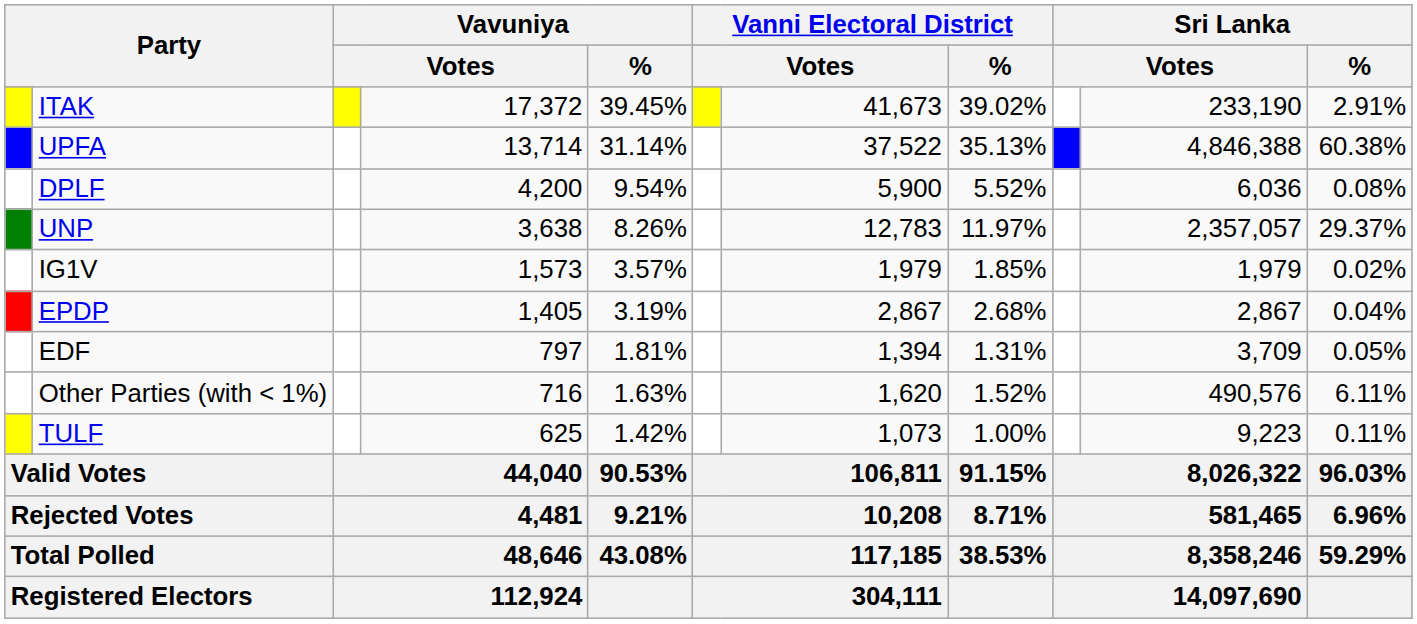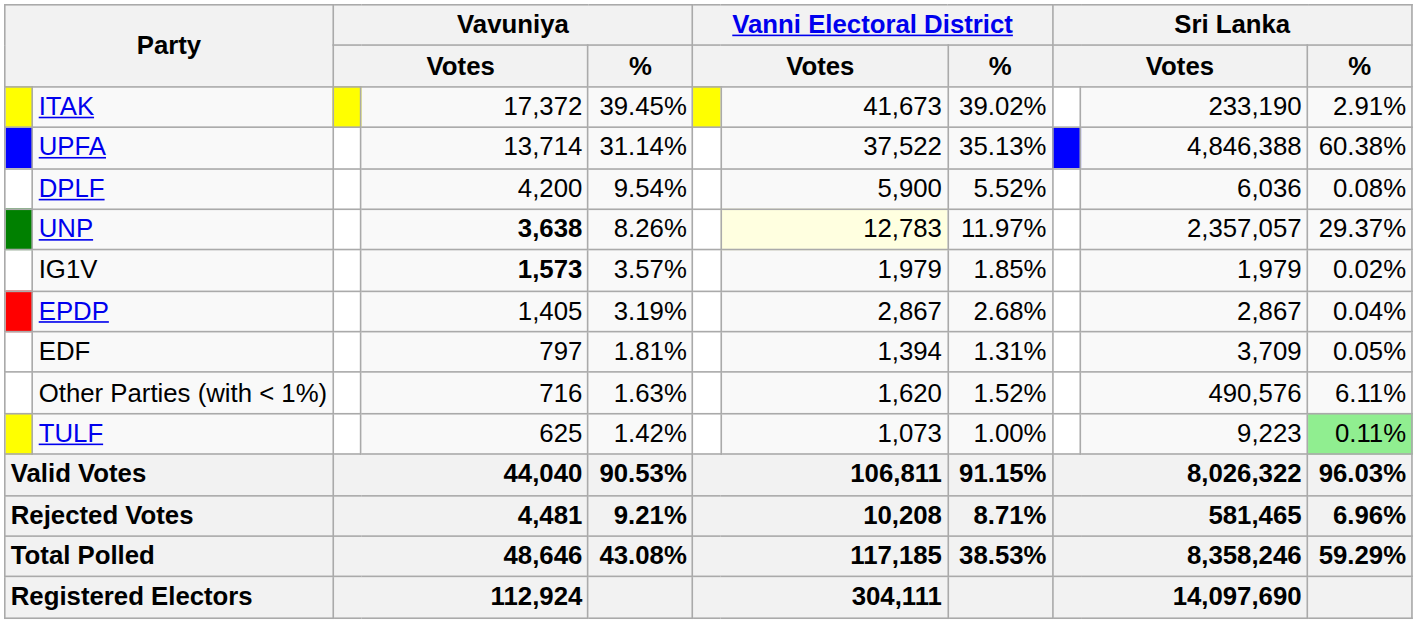 <table class="wikitable">
 <tr>
 <th colspan="2" width="144px"rowspan="2">Party</th>
 <th colspan="3" width="216px">Vavuniya</th>
 <th colspan="3" width="216px"><a href='#'>Vanni Electoral District</a></th>
 <th colspan="3" width="216px">Sri Lanka</th>
 </tr>
 <tr>
 <th colspan="2" width="144px">Votes</th>
 <th>%</th>
 <th colspan="2" width="144px">Votes</th>
 <th>%</th>
 <th colspan="2" width="144px">Votes</th>
 <th>%</th>
 </tr>
 <tr>
 <td style="background-color:yellow;" width="10px"></td>
 <td style="text-align:left;"><a href='#'>ITAK</a></td>
 <td style="background-color:yellow;" width="10px"></td>
 <td style="text-align:right;">17,372</td>
 <td style="text-align:right;">39.45%</td>
 <td style="background-color:yellow;" width="10px"></td>
 <td style="text-align:right;">41,673</td>
 <td style="text-align:right;">39.02%</td>
 <td style="background-color:white;" width="10px"></td>
 <td style="text-align:right;">233,190</td>
 <td style="text-align:right;">2.91%</td>
 </tr>
 <tr>
 <td style="background-color:blue;" width="10px"></td>
 <td style="text-align:left;"><a href='#'>UPFA</a></td>
 <td style="background-color:white;" width="10px"></td>
 <td style="text-align:right;">13,714</td>
 <td style="text-align:right;">31.14%</td>
 <td style="background-color:white;" width="10px"></td>
 <td style="text-align:right;">37,522</td>
 <td style="text-align:right;">35.13%</td>
 <td style="background-color:blue;" width="10px"></td>
 <td style="text-align:right;">4,846,388</td>
 <td style="text-align:right;">60.38%</td>
 </tr>
 <tr>
 <td style="background-color:white;" width="10px"></td>
 <td style="text-align:left;"><a href='#'>DPLF</a></td>
 <td style="background-color:white;" width="10px"></td>
 <td style="text-align:right;">4,200</td>
 <td style="text-align:right;">9.54%</td>
 <td style="background-color:white;" width="10px"></td>
 <td style="text-align:right;">5,900</td>
 <td style="text-align:right;">5.52%</td>
 <td style="background-color:white;" width="10px"></td>
 <td style="text-align:right;">6,036</td>
 <td style="text-align:right;">0.08%</td>
 </tr>
 <tr>
 <td style="background-color:green;" width="10px"></td>
 <td style="text-align:left;"><a href='#'>UNP</a></td>
 <td style="background-color:white;" width="10px"></td>
-<td style="text-align:right;">3,638</td>
+<td style="text-align:right;"><strong>3,638</strong></td>
 <td style="text-align:right;">8.26%</td>
 <td style="background-color:white;" width="10px"></td>
-<td style="text-align:right;">12,783</td>
+<td style="background: lightyellow; text-align:right;">12,783</td>
 <td style="text-align:right;">11.97%</td>
 <td style="background-color:white;" width="10px"></td>
 <td style="text-align:right;">2,357,057</td>
 <td style="text-align:right;">29.37%</td>
 </tr>
 <tr>
 <td style="background-color:white;" width="10px"></td>
 <td style="text-align:left;">IG1V</td>
 <td style="background-color:white;" width="10px"></td>
-<td style="text-align:right;">1,573</td>
+<td style="text-align:right;"><strong>1,573</strong></td>
 <td style="text-align:right;">3.57%</td>
 <td style="background-color:white;" width="10px"></td>
 <td style="text-align:right;">1,979</td>
 <td style="text-align:right;">1.85%</td>
 <td style="background-color:white;" width="10px"></td>
 <td style="text-align:right;">1,979</td>
 <td style="text-align:right;">0.02%</td>
 </tr>
 <tr>
 <td style="background-color:red;" width="10px"></td>
 <td style="text-align:left;"><a href='#'>EPDP</a></td>
 <td style="background-color:white;" width="10px"></td>
 <td style="text-align:right;">1,405</td>
 <td style="text-align:right;">3.19%</td>
 <td style="background-color:white;" width="10px"></td>
 <td style="text-align:right;">2,867</td>
 <td style="text-align:right;">2.68%</td>
 <td style="background-color:white;" width="10px"></td>
 <td style="text-align:right;">2,867</td>
 <td style="text-align:right;">0.04%</td>
 </tr>
 <tr>
 <td style="background-color:white;" width="10px"></td>
 <td style="text-align:left;">EDF</td>
 <td style="background-color:white;" width="10px"></td>
 <td style="text-align:right;">797</td>
 <td style="text-align:right;">1.81%</td>
 <td style="background-color:white;" width="10px"></td>
 <td style="text-align:right;">1,394</td>
 <td style="text-align:right;">1.31%</td>
 <td style="background-color:white;" width="10px"></td>
 <td style="text-align:right;">3,709</td>
 <td style="text-align:right;">0.05%</td>
 </tr>
 <tr>
 <td style="background-color:white;" width="10px"></td>
 <td style="text-align:left;">Other Parties (with < 1%)</td>
 <td style="background-color:white;" width="10px"></td>
 <td style="text-align:right;">716</td>
 <td style="text-align:right;">1.63%</td>
 <td style="background-color:white;" width="10px"></td>
 <td style="text-align:right;">1,620</td>
 <td style="text-align:right;">1.52%</td>
 <td style="background-color:white;" width="10px"></td>
 <td style="text-align:right;">490,576</td>
 <td style="text-align:right;">6.11%</td>
 </tr>
 <tr>
 <td style="background-color:yellow;" width="10px"></td>
 <td style="text-align:left;"><a href='#'>TULF</a></td>
 <td style="background-color:white;" width="10px"></td>
 <td style="text-align:right;">625</td>
 <td style="text-align:right;">1.42%</td>
 <td style="background-color:white;" width="10px"></td>
 <td style="text-align:right;">1,073</td>
 <td style="text-align:right;">1.00%</td>
 <td style="background-color:white;" width="10px"></td>
 <td style="text-align:right;">9,223</td>
-<td style="text-align:right;">0.11%</td>
+<td style="background: lightgreen; text-align:right;">0.11%</td>
 </tr>
 <tr>
 <th colspan="2" width="144px"style="text-align:left;">Valid Votes</th>
 <th style="text-align:right;"colspan="2" width="144px">44,040</th>
 <th style="text-align:right;">90.53%</th>
 <th style="text-align:right;"colspan="2" width="144px">106,811</th>
 <th style="text-align:right;">91.15%</th>
 <th style="text-align:right;"colspan="2" width="144px">8,026,322</th>
 <th style="text-align:right;">96.03%</th>
 </tr>
 <tr>
 <th colspan="2" width="144px"style="text-align:left;">Rejected Votes</th>
 <th style="text-align:right;"colspan="2" width="144px">4,481</th>
 <th style="text-align:right;">9.21%</th>
 <th style="text-align:right;"colspan="2" width="144px">10,208</th>
 <th style="text-align:right;">8.71%</th>
 <th style="text-align:right;"colspan="2" width="144px">581,465</th>
 <th style="text-align:right;">6.96%</th>
 </tr>
 <tr>
 <th colspan="2" width="144px"style="text-align:left;">Total Polled</th>
 <th style="text-align:right;"colspan="2" width="144px">48,646</th>
 <th style="text-align:right;">43.08%</th>
 <th style="text-align:right;"colspan="2" width="144px">117,185</th>
 <th style="text-align:right;">38.53%</th>
 <th style="text-align:right;"colspan="2" width="144px">8,358,246</th>
 <th style="text-align:right;">59.29%</th>
 </tr>
 <tr>
 <th colspan="2" width="144px"style="text-align:left;">Registered Electors</th>
 <th style="text-align:right;"colspan="2" width="144px">112,924</th>
 <th></th>
 <th style="text-align:right;"colspan="2" width="144px">304,111</th>
 <th></th>
 <th style="text-align:right;"colspan="2" width="144px">14,097,690</th>
 <th></th>
 </tr>
 </table>
